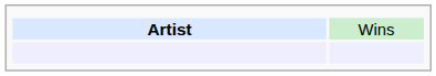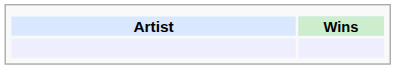 <table class="infobox" style="width: 25em; text-align: center; font-size: 70%; vertical-align: middle;">
 <tr>
 <td colspan="3" style="text-align:center;"></td>
 </tr>
 <tr style="background:#d9e8ff; text-align:center;">
 <th style="vertical-align: middle;">Artist</th>
-<td style="background:#cec; font-size:8pt; width:60px;">Wins</td>
+<td style="background:#cec; font-size:8pt; width:60px;"><strong>Wins</strong></td>
 </tr>
 <tr style="background:#eef;">
 <td style="text-align:center;"><br></td>
 <td></td>
 </tr>
 </table>
